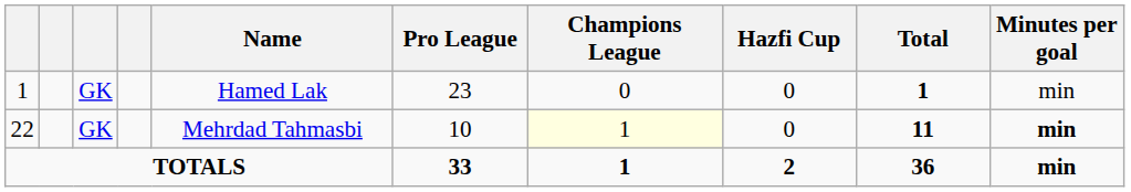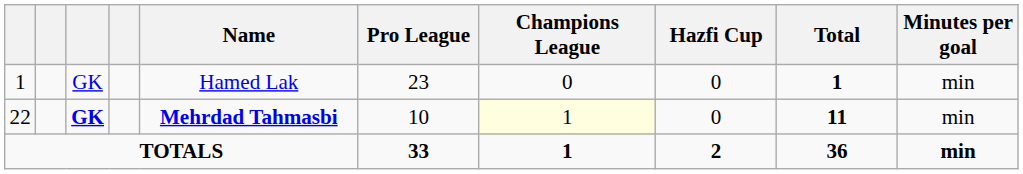 <table class="wikitable" style="font-size: 95%; text-align: center;">
 <tr>
 <th width=15></th>
 <th width=15></th>
 <th width=15></th>
 <th width=15></th>
 <th width=150>Name</th>
 <th width=80>Pro League</th>
 <th width=120>Champions League</th>
 <th width=80>Hazfi Cup</th>
 <th width=80>Total</th>
 <th width=80>Minutes per goal</th>
 </tr>
 <tr>
 <td>1</td>
 <td></td>
 <td><a href='#'>GK</a></td>
 <td></td>
 <td><a href='#'>Hamed Lak</a></td>
 <td>23 </td>
 <td>0 </td>
 <td>0 </td>
 <td><strong>1</strong> </td>
 <td> min </td>
 </tr>
 <tr>
 <td>22</td>
 <td></td>
-<td><a href='#'>GK</a></td>
+<td><strong><a href='#'>GK</a></strong></td>
 <td></td>
-<td><a href='#'>Mehrdad Tahmasbi</a></td>
+<td><strong><a href='#'>Mehrdad Tahmasbi</a></strong></td>
 <td>10 </td>
 <td style="background: lightyellow;">1 </td>
 <td>0 </td>
 <td><strong>11</strong> </td>
-<td><strong> min </strong></td>
+<td> min </td>
 </tr>
 <tr>
 <td colspan="5"><strong>TOTALS</strong></td>
 <td><strong>33</strong> </td>
 <td><strong>1</strong> </td>
 <td><strong>2</strong> </td>
 <td><strong>36</strong> </td>
 <td><strong> min</strong> </td>
 </tr>
 </table>
